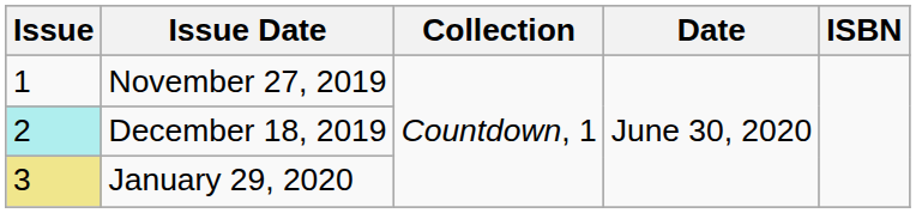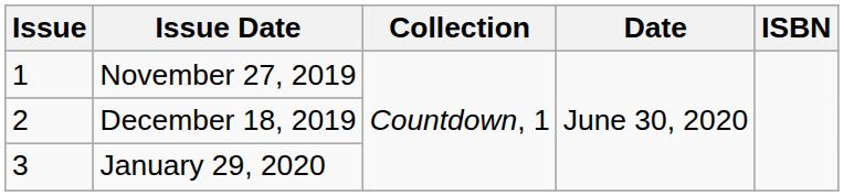 <table class="wikitable">
 <tr>
 <th>Issue</th>
 <th>Issue Date</th>
 <th>Collection</th>
 <th>Date</th>
 <th>ISBN</th>
 </tr>
 <tr>
 <td>1</td>
 <td>November 27, 2019</td>
 <td rowspan="3"><em>Countdown</em>,  1</td>
 <td rowspan="3">June 30, 2020</td>
 <td rowspan="3"></td>
 </tr>
 <tr>
-<td style="background: paleturquoise;">2</td>
+<td>2</td>
 <td>December 18, 2019</td>
 </tr>
 <tr>
-<td style="background: khaki;">3</td>
+<td>3</td>
 <td>January 29, 2020</td>
 </tr>
 </table>
